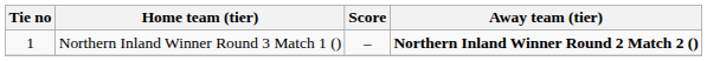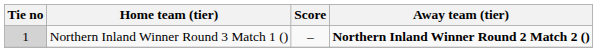 <table class="wikitable" style="text-align:center">
 <tr>
 <th>Tie no</th>
 <th>Home team (tier)</th>
 <th>Score</th>
 <th>Away team (tier)</th>
 </tr>
 <tr>
-<td>1</td>
+<td style="background: lightgrey;">1</td>
 <td>Northern Inland Winner Round 3 Match 1 ()</td>
 <td>–</td>
 <td><strong>Northern Inland Winner Round 2 Match 2 ()</strong></td>
 </tr>
 <tr>
 </tr>
 </table>
